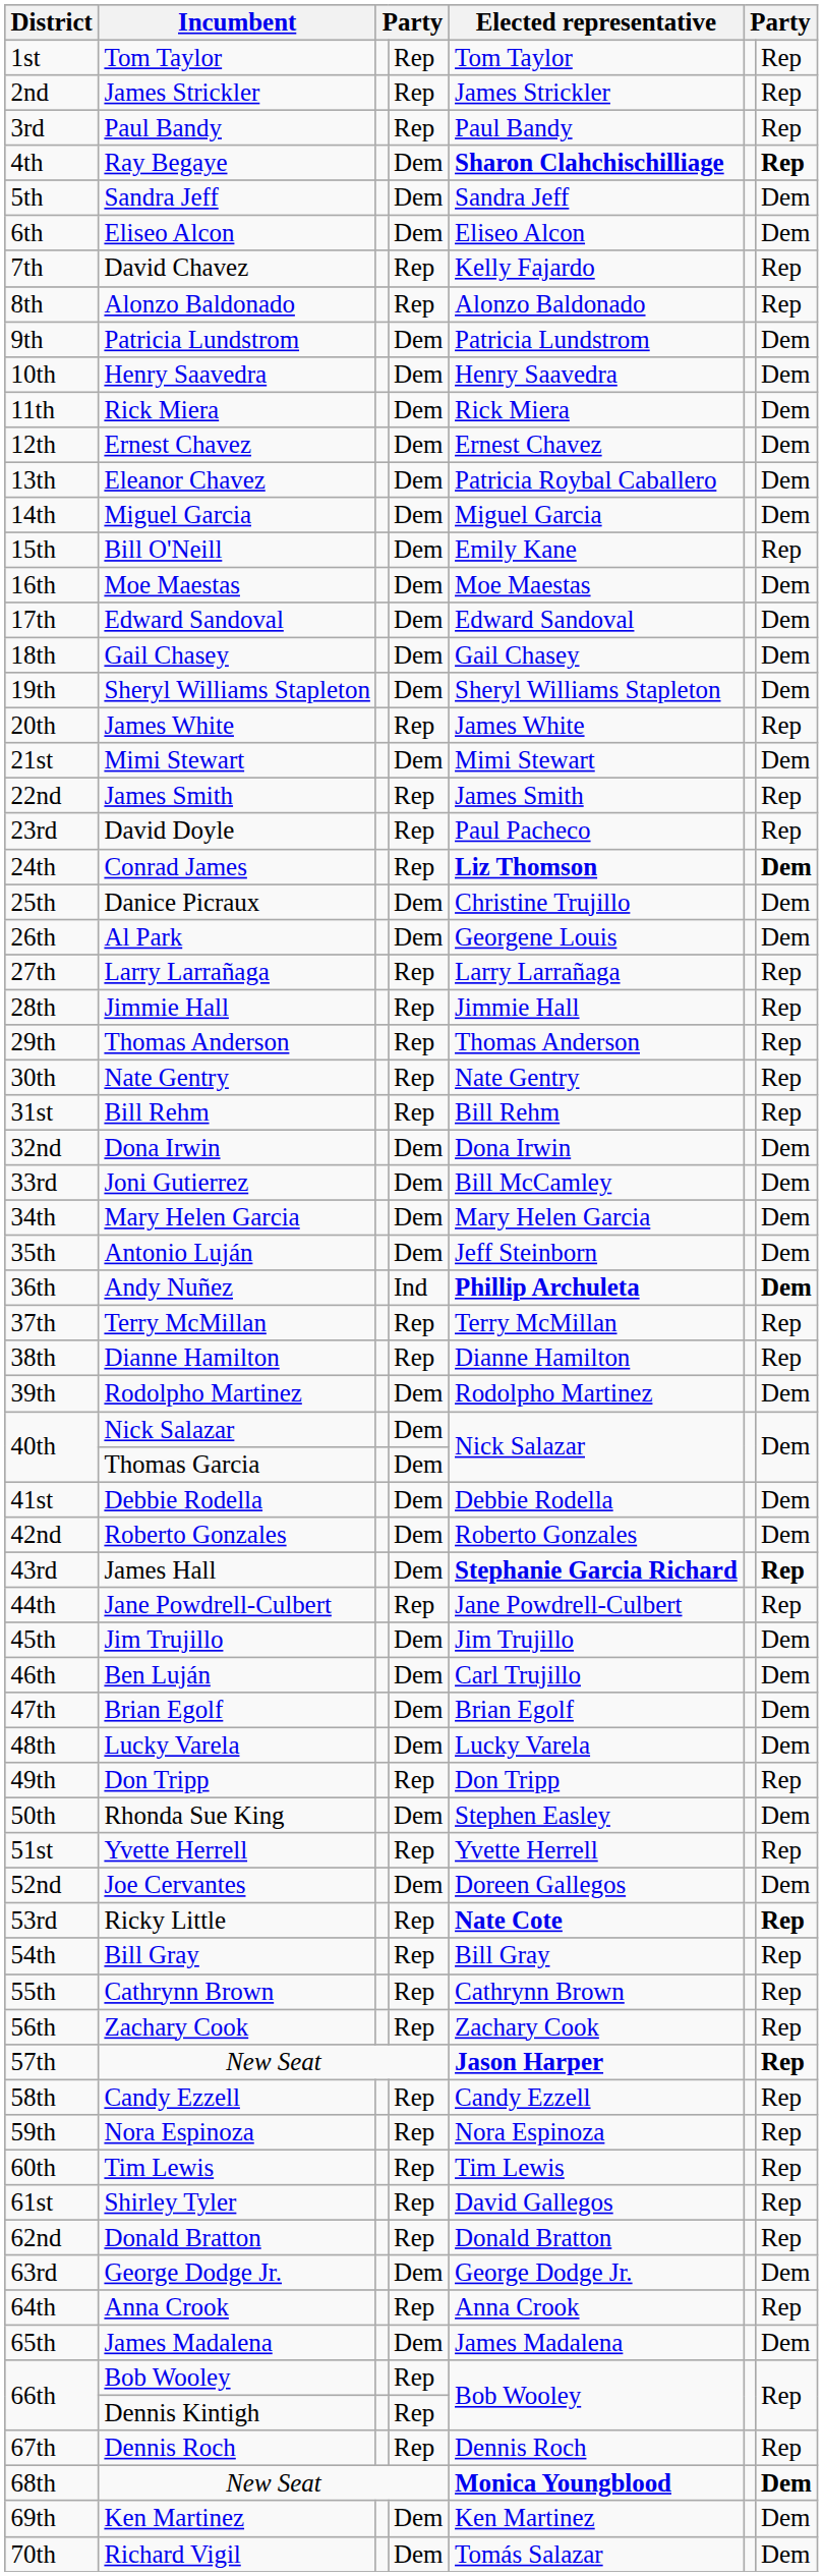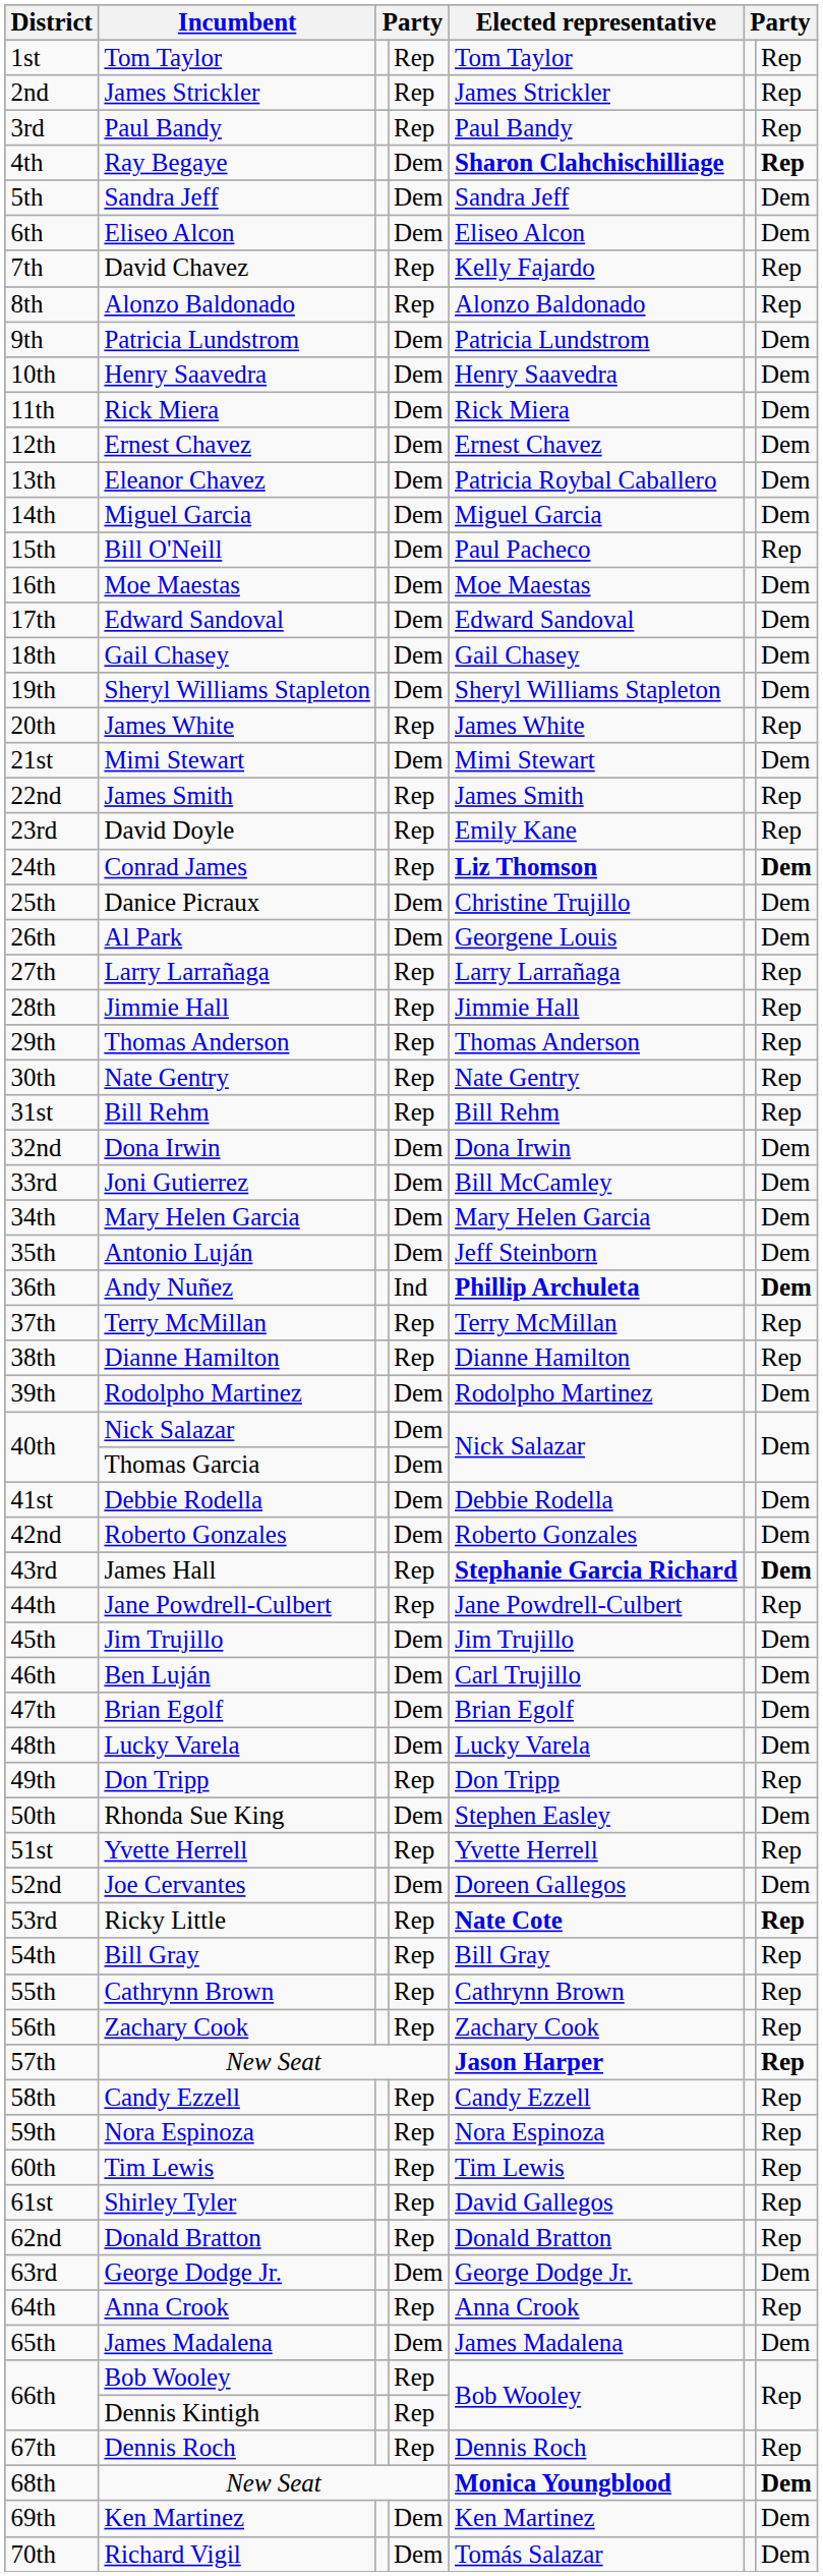 <table class=wikitable style="font-size:95%;line-height:14px;">
 <tr>
 <th>District</th>
 <th><a href='#'>Incumbent</a></th>
 <th colspan=2>Party</th>
 <th>Elected representative</th>
 <th colspan=2>Party</th>
 </tr>
 <tr>
 <td>1st</td>
 <td><a href='#'>Tom Taylor</a></td>
 <td style="background:"></td>
 <td>Rep</td>
 <td><a href='#'>Tom Taylor</a></td>
 <td style="background:"></td>
 <td>Rep</td>
 </tr>
 <tr>
 <td>2nd</td>
 <td><a href='#'>James Strickler</a></td>
 <td style="background:"></td>
 <td>Rep</td>
 <td><a href='#'>James Strickler</a></td>
 <td style="background:"></td>
 <td>Rep</td>
 </tr>
 <tr>
 <td>3rd</td>
 <td><a href='#'>Paul Bandy</a></td>
 <td style="background:"></td>
 <td>Rep</td>
 <td><a href='#'>Paul Bandy</a></td>
 <td style="background:"></td>
 <td>Rep</td>
 </tr>
 <tr>
 <td>4th</td>
 <td><a href='#'>Ray Begaye</a></td>
 <td style="background:"></td>
 <td>Dem</td>
 <td><strong><a href='#'>Sharon Clahchischilliage</a></strong></td>
 <td style="background:"></td>
 <td><strong>Rep</strong></td>
 </tr>
 <tr>
 <td>5th</td>
 <td><a href='#'>Sandra Jeff</a></td>
 <td style="background:"></td>
 <td>Dem</td>
 <td><a href='#'>Sandra Jeff</a></td>
 <td style="background:"></td>
 <td>Dem</td>
 </tr>
 <tr>
 <td>6th</td>
 <td><a href='#'>Eliseo Alcon</a></td>
 <td style="background:"></td>
 <td>Dem</td>
 <td><a href='#'>Eliseo Alcon</a></td>
 <td style="background:"></td>
 <td>Dem</td>
 </tr>
 <tr>
 <td>7th</td>
 <td>David Chavez</td>
 <td style="background:"></td>
 <td>Rep</td>
 <td><a href='#'>Kelly Fajardo</a></td>
 <td style="background:"></td>
 <td>Rep</td>
 </tr>
 <tr>
 <td>8th</td>
 <td><a href='#'>Alonzo Baldonado</a></td>
 <td style="background:"></td>
 <td>Rep</td>
 <td><a href='#'>Alonzo Baldonado</a></td>
 <td style="background:"></td>
 <td>Rep</td>
 </tr>
 <tr>
 <td>9th</td>
 <td><a href='#'>Patricia Lundstrom</a></td>
 <td style="background:"></td>
 <td>Dem</td>
 <td><a href='#'>Patricia Lundstrom</a></td>
 <td style="background:"></td>
 <td>Dem</td>
 </tr>
 <tr>
 <td>10th</td>
 <td><a href='#'>Henry Saavedra</a></td>
 <td style="background:"></td>
 <td>Dem</td>
 <td><a href='#'>Henry Saavedra</a></td>
 <td style="background:"></td>
 <td>Dem</td>
 </tr>
 <tr>
 <td>11th</td>
 <td><a href='#'>Rick Miera</a></td>
 <td style="background:"></td>
 <td>Dem</td>
 <td><a href='#'>Rick Miera</a></td>
 <td style="background:"></td>
 <td>Dem</td>
 </tr>
 <tr>
 <td>12th</td>
 <td><a href='#'>Ernest Chavez</a></td>
 <td style="background:"></td>
 <td>Dem</td>
 <td><a href='#'>Ernest Chavez</a></td>
 <td style="background:"></td>
 <td>Dem</td>
 </tr>
 <tr>
 <td>13th</td>
 <td><a href='#'>Eleanor Chavez</a></td>
 <td style="background:"></td>
 <td>Dem</td>
 <td><a href='#'>Patricia Roybal Caballero</a></td>
 <td style="background:"></td>
 <td>Dem</td>
 </tr>
 <tr>
 <td>14th</td>
 <td><a href='#'>Miguel Garcia</a></td>
 <td style="background:"></td>
 <td>Dem</td>
 <td><a href='#'>Miguel Garcia</a></td>
 <td style="background:"></td>
 <td>Dem</td>
 </tr>
 <tr>
 <td>15th</td>
 <td><a href='#'>Bill O'Neill</a></td>
 <td style="background:"></td>
 <td>Dem</td>
-<td><a href='#'>Emily Kane</a></td>
+<td><a href='#'>Paul Pacheco</a></td>
 <td style="background:"></td>
 <td>Rep</td>
 </tr>
 <tr>
 <td>16th</td>
 <td><a href='#'>Moe Maestas</a></td>
 <td style="background:"></td>
 <td>Dem</td>
 <td><a href='#'>Moe Maestas</a></td>
 <td style="background:"></td>
 <td>Dem</td>
 </tr>
 <tr>
 <td>17th</td>
 <td><a href='#'>Edward Sandoval</a></td>
 <td style="background:"></td>
 <td>Dem</td>
 <td><a href='#'>Edward Sandoval</a></td>
 <td style="background:"></td>
 <td>Dem</td>
 </tr>
 <tr>
 <td>18th</td>
 <td><a href='#'>Gail Chasey</a></td>
 <td style="background:"></td>
 <td>Dem</td>
 <td><a href='#'>Gail Chasey</a></td>
 <td style="background:"></td>
 <td>Dem</td>
 </tr>
 <tr>
 <td>19th</td>
 <td><a href='#'>Sheryl Williams Stapleton</a></td>
 <td style="background:"></td>
 <td>Dem</td>
 <td><a href='#'>Sheryl Williams Stapleton</a></td>
 <td style="background:"></td>
 <td>Dem</td>
 </tr>
 <tr>
 <td>20th</td>
 <td><a href='#'>James White</a></td>
 <td style="background:"></td>
 <td>Rep</td>
 <td><a href='#'>James White</a></td>
 <td style="background:"></td>
 <td>Rep</td>
 </tr>
 <tr>
 <td>21st</td>
 <td><a href='#'>Mimi Stewart</a></td>
 <td style="background:"></td>
 <td>Dem</td>
 <td><a href='#'>Mimi Stewart</a></td>
 <td style="background:"></td>
 <td>Dem</td>
 </tr>
 <tr>
 <td>22nd</td>
 <td><a href='#'>James Smith</a></td>
 <td style="background:"></td>
 <td>Rep</td>
 <td><a href='#'>James Smith</a></td>
 <td style="background:"></td>
 <td>Rep</td>
 </tr>
 <tr>
 <td>23rd</td>
 <td>David Doyle</td>
 <td style="background:"></td>
 <td>Rep</td>
-<td><a href='#'>Paul Pacheco</a></td>
+<td><a href='#'>Emily Kane</a></td>
 <td style="background:"></td>
 <td>Rep</td>
 </tr>
 <tr>
 <td>24th</td>
 <td><a href='#'>Conrad James</a></td>
 <td style="background:"></td>
 <td>Rep</td>
 <td><strong><a href='#'>Liz Thomson</a></strong></td>
 <td style="background:"></td>
 <td><strong>Dem</strong></td>
 </tr>
 <tr>
 <td>25th</td>
 <td>Danice Picraux</td>
 <td style="background:"></td>
 <td>Dem</td>
 <td><a href='#'>Christine Trujillo</a></td>
 <td style="background:"></td>
 <td>Dem</td>
 </tr>
 <tr>
 <td>26th</td>
 <td><a href='#'>Al Park</a></td>
 <td style="background:"></td>
 <td>Dem</td>
 <td><a href='#'>Georgene Louis</a></td>
 <td style="background:"></td>
 <td>Dem</td>
 </tr>
 <tr>
 <td>27th</td>
 <td><a href='#'>Larry Larrañaga</a></td>
 <td style="background:"></td>
 <td>Rep</td>
 <td><a href='#'>Larry Larrañaga</a></td>
 <td style="background:"></td>
 <td>Rep</td>
 </tr>
 <tr>
 <td>28th</td>
 <td><a href='#'>Jimmie Hall</a></td>
 <td style="background:"></td>
 <td>Rep</td>
 <td><a href='#'>Jimmie Hall</a></td>
 <td style="background:"></td>
 <td>Rep</td>
 </tr>
 <tr>
 <td>29th</td>
 <td><a href='#'>Thomas Anderson</a></td>
 <td style="background:"></td>
 <td>Rep</td>
 <td><a href='#'>Thomas Anderson</a></td>
 <td style="background:"></td>
 <td>Rep</td>
 </tr>
 <tr>
 <td>30th</td>
 <td><a href='#'>Nate Gentry</a></td>
 <td style="background:"></td>
 <td>Rep</td>
 <td><a href='#'>Nate Gentry</a></td>
 <td style="background:"></td>
 <td>Rep</td>
 </tr>
 <tr>
 <td>31st</td>
 <td><a href='#'>Bill Rehm</a></td>
 <td style="background:"></td>
 <td>Rep</td>
 <td><a href='#'>Bill Rehm</a></td>
 <td style="background:"></td>
 <td>Rep</td>
 </tr>
 <tr>
 <td>32nd</td>
 <td><a href='#'>Dona Irwin</a></td>
 <td style="background:"></td>
 <td>Dem</td>
 <td><a href='#'>Dona Irwin</a></td>
 <td style="background:"></td>
 <td>Dem</td>
 </tr>
 <tr>
 <td>33rd</td>
 <td><a href='#'>Joni Gutierrez</a></td>
 <td style="background:"></td>
 <td>Dem</td>
 <td><a href='#'>Bill McCamley</a></td>
 <td style="background:"></td>
 <td>Dem</td>
 </tr>
 <tr>
 <td>34th</td>
 <td><a href='#'>Mary Helen Garcia</a></td>
 <td style="background:"></td>
 <td>Dem</td>
 <td><a href='#'>Mary Helen Garcia</a></td>
 <td style="background:"></td>
 <td>Dem</td>
 </tr>
 <tr>
 <td>35th</td>
 <td><a href='#'>Antonio Luján</a></td>
 <td style="background:"></td>
 <td>Dem</td>
 <td><a href='#'>Jeff Steinborn</a></td>
 <td style="background:"></td>
 <td>Dem</td>
 </tr>
 <tr>
 <td>36th</td>
 <td><a href='#'>Andy Nuñez</a></td>
 <td style="background:"></td>
 <td>Ind</td>
 <td><strong><a href='#'>Phillip Archuleta</a></strong></td>
 <td style="background:"></td>
 <td><strong>Dem</strong></td>
 </tr>
 <tr>
 <td>37th</td>
 <td><a href='#'>Terry McMillan</a></td>
 <td style="background:"></td>
 <td>Rep</td>
 <td><a href='#'>Terry McMillan</a></td>
 <td style="background:"></td>
 <td>Rep</td>
 </tr>
 <tr>
 <td>38th</td>
 <td><a href='#'>Dianne Hamilton</a></td>
 <td style="background:"></td>
 <td>Rep</td>
 <td><a href='#'>Dianne Hamilton</a></td>
 <td style="background:"></td>
 <td>Rep</td>
 </tr>
 <tr>
 <td>39th</td>
 <td><a href='#'>Rodolpho Martinez</a></td>
 <td style="background:"></td>
 <td>Dem</td>
 <td><a href='#'>Rodolpho Martinez</a></td>
 <td style="background:"></td>
 <td>Dem</td>
 </tr>
 <tr>
 <td rowspan=2>40th</td>
 <td><a href='#'>Nick Salazar</a></td>
 <td style="background:"></td>
 <td>Dem</td>
 <td rowspan=2><a href='#'>Nick Salazar</a></td>
 <td rowspan=2 style="background:"></td>
 <td rowspan=2>Dem</td>
 </tr>
 <tr>
 <td>Thomas Garcia</td>
 <td style="background:"></td>
 <td>Dem</td>
 </tr>
 <tr>
 <td>41st</td>
 <td><a href='#'>Debbie Rodella</a></td>
 <td style="background:"></td>
 <td>Dem</td>
 <td><a href='#'>Debbie Rodella</a></td>
 <td style="background:"></td>
 <td>Dem</td>
 </tr>
 <tr>
 <td>42nd</td>
 <td><a href='#'>Roberto Gonzales</a></td>
 <td style="background:"></td>
 <td>Dem</td>
 <td><a href='#'>Roberto Gonzales</a></td>
 <td style="background:"></td>
 <td>Dem</td>
 </tr>
 <tr>
 <td>43rd</td>
 <td>James Hall</td>
 <td style="background:"></td>
-<td>Dem</td>
+<td>Rep</td>
 <td><strong><a href='#'>Stephanie Garcia Richard</a></strong></td>
 <td style="background:"></td>
-<td><strong>Rep</strong></td>
+<td><strong>Dem</strong></td>
 </tr>
 <tr>
 <td>44th</td>
 <td><a href='#'>Jane Powdrell-Culbert</a></td>
 <td style="background:"></td>
 <td>Rep</td>
 <td><a href='#'>Jane Powdrell-Culbert</a></td>
 <td style="background:"></td>
 <td>Rep</td>
 </tr>
 <tr>
 <td>45th</td>
 <td><a href='#'>Jim Trujillo</a></td>
 <td style="background:"></td>
 <td>Dem</td>
 <td><a href='#'>Jim Trujillo</a></td>
 <td style="background:"></td>
 <td>Dem</td>
 </tr>
 <tr>
 <td>46th</td>
 <td><a href='#'>Ben Luján</a></td>
 <td style="background:"></td>
 <td>Dem</td>
 <td><a href='#'>Carl Trujillo</a></td>
 <td style="background:"></td>
 <td>Dem</td>
 </tr>
 <tr>
 <td>47th</td>
 <td><a href='#'>Brian Egolf</a></td>
 <td style="background:"></td>
 <td>Dem</td>
 <td><a href='#'>Brian Egolf</a></td>
 <td style="background:"></td>
 <td>Dem</td>
 </tr>
 <tr>
 <td>48th</td>
 <td><a href='#'>Lucky Varela</a></td>
 <td style="background:"></td>
 <td>Dem</td>
 <td><a href='#'>Lucky Varela</a></td>
 <td style="background:"></td>
 <td>Dem</td>
 </tr>
 <tr>
 <td>49th</td>
 <td><a href='#'>Don Tripp</a></td>
 <td style="background:"></td>
 <td>Rep</td>
 <td><a href='#'>Don Tripp</a></td>
 <td style="background:"></td>
 <td>Rep</td>
 </tr>
 <tr>
 <td>50th</td>
 <td>Rhonda Sue King</td>
 <td style="background:"></td>
 <td>Dem</td>
 <td><a href='#'>Stephen Easley</a></td>
 <td style="background:"></td>
 <td>Dem</td>
 </tr>
 <tr>
 <td>51st</td>
 <td><a href='#'>Yvette Herrell</a></td>
 <td style="background:"></td>
 <td>Rep</td>
 <td><a href='#'>Yvette Herrell</a></td>
 <td style="background:"></td>
 <td>Rep</td>
 </tr>
 <tr>
 <td>52nd</td>
 <td><a href='#'>Joe Cervantes</a></td>
 <td style="background:"></td>
 <td>Dem</td>
 <td><a href='#'>Doreen Gallegos</a></td>
 <td style="background:"></td>
 <td>Dem</td>
 </tr>
 <tr>
 <td>53rd</td>
 <td>Ricky Little</td>
 <td style="background:"></td>
 <td>Rep</td>
 <td><strong><a href='#'>Nate Cote</a></strong></td>
 <td style="background:"></td>
 <td><strong>Rep</strong></td>
 </tr>
 <tr>
 <td>54th</td>
 <td><a href='#'>Bill Gray</a></td>
 <td style="background:"></td>
 <td>Rep</td>
 <td><a href='#'>Bill Gray</a></td>
 <td style="background:"></td>
 <td>Rep</td>
 </tr>
 <tr>
 <td>55th</td>
 <td><a href='#'>Cathrynn Brown</a></td>
 <td style="background:"></td>
 <td>Rep</td>
 <td><a href='#'>Cathrynn Brown</a></td>
 <td style="background:"></td>
 <td>Rep</td>
 </tr>
 <tr>
 <td>56th</td>
 <td><a href='#'>Zachary Cook</a></td>
 <td style="background:"></td>
 <td>Rep</td>
 <td><a href='#'>Zachary Cook</a></td>
 <td style="background:"></td>
 <td>Rep</td>
 </tr>
 <tr>
 <td>57th</td>
 <td colspan=3 align=center><em>New Seat</em></td>
 <td><strong><a href='#'>Jason Harper</a></strong></td>
 <td style="background:"></td>
 <td><strong>Rep</strong></td>
 </tr>
 <tr>
 <td>58th</td>
 <td><a href='#'>Candy Ezzell</a></td>
 <td style="background:"></td>
 <td>Rep</td>
 <td><a href='#'>Candy Ezzell</a></td>
 <td style="background:"></td>
 <td>Rep</td>
 </tr>
 <tr>
 <td>59th</td>
 <td><a href='#'>Nora Espinoza</a></td>
 <td style="background:"></td>
 <td>Rep</td>
 <td><a href='#'>Nora Espinoza</a></td>
 <td style="background:"></td>
 <td>Rep</td>
 </tr>
 <tr>
 <td>60th</td>
 <td><a href='#'>Tim Lewis</a></td>
 <td style="background:"></td>
 <td>Rep</td>
 <td><a href='#'>Tim Lewis</a></td>
 <td style="background:"></td>
 <td>Rep</td>
 </tr>
 <tr>
 <td>61st</td>
 <td><a href='#'>Shirley Tyler</a></td>
 <td style="background:"></td>
 <td>Rep</td>
 <td><a href='#'>David Gallegos</a></td>
 <td style="background:"></td>
 <td>Rep</td>
 </tr>
 <tr>
 <td>62nd</td>
 <td><a href='#'>Donald Bratton</a></td>
 <td style="background:"></td>
 <td>Rep</td>
 <td><a href='#'>Donald Bratton</a></td>
 <td style="background:"></td>
 <td>Rep</td>
 </tr>
 <tr>
 <td>63rd</td>
 <td><a href='#'>George Dodge Jr.</a></td>
 <td style="background:"></td>
 <td>Dem</td>
 <td><a href='#'>George Dodge Jr.</a></td>
 <td style="background:"></td>
 <td>Dem</td>
 </tr>
 <tr>
 <td>64th</td>
 <td><a href='#'>Anna Crook</a></td>
 <td style="background:"></td>
 <td>Rep</td>
 <td><a href='#'>Anna Crook</a></td>
 <td style="background:"></td>
 <td>Rep</td>
 </tr>
 <tr>
 <td>65th</td>
 <td><a href='#'>James Madalena</a></td>
 <td style="background:"></td>
 <td>Dem</td>
 <td><a href='#'>James Madalena</a></td>
 <td style="background:"></td>
 <td>Dem</td>
 </tr>
 <tr>
 <td rowspan=2>66th</td>
 <td><a href='#'>Bob Wooley</a></td>
 <td style="background:"></td>
 <td>Rep</td>
 <td rowspan=2><a href='#'>Bob Wooley</a></td>
 <td rowspan=2 style="background:"></td>
 <td rowspan=2>Rep</td>
 </tr>
 <tr>
 <td>Dennis Kintigh</td>
 <td style="background:"></td>
 <td>Rep</td>
 </tr>
 <tr>
 <td>67th</td>
 <td><a href='#'>Dennis Roch</a></td>
 <td style="background:"></td>
 <td>Rep</td>
 <td><a href='#'>Dennis Roch</a></td>
 <td style="background:"></td>
 <td>Rep</td>
 </tr>
 <tr>
 <td>68th</td>
 <td colspan=3 align=center><em>New Seat</em></td>
 <td><strong><a href='#'>Monica Youngblood</a></strong></td>
 <td style="background:"></td>
 <td><strong>Dem</strong></td>
 </tr>
 <tr>
 <td>69th</td>
 <td><a href='#'>Ken Martinez</a></td>
 <td style="background:"></td>
 <td>Dem</td>
 <td><a href='#'>Ken Martinez</a></td>
 <td style="background:"></td>
 <td>Dem</td>
 </tr>
 <tr>
 <td>70th</td>
 <td><a href='#'>Richard Vigil</a></td>
 <td style="background:"></td>
 <td>Dem</td>
 <td><a href='#'>Tomás Salazar</a></td>
 <td style="background:"></td>
 <td>Dem</td>
 </tr>
 <tr>
 </tr>
 </table>
